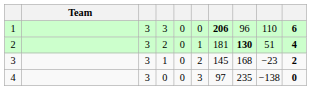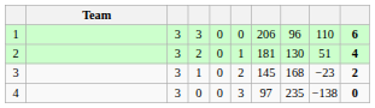 <table class=wikitable style=text-align:center>
 <tr>
 <th width=20 abbr=Position></th>
 <th width=175>Team</th>
 <th width=20 abbr=Played></th>
 <th width=20 abbr=Won></th>
 <th width=20 abbr=Drawn></th>
 <th width=20 abbr=Lost></th>
 <th width=30 abbr=Goal For></th>
 <th width=30 abbr=Goal Against></th>
 <th width=30 abbr=Goal Difference></th>
 <th width=30 abbr=Points></th>
 </tr>
 <tr bgcolor=#CCFFCC>
 <td>1 </td>
 <td align=left></td>
 <td>3</td>
 <td>3</td>
 <td>0</td>
 <td>0</td>
-<td><strong>206</strong></td>
+<td>206</td>
 <td>96</td>
 <td>110</td>
 <td><strong>6</strong></td>
 </tr>
 <tr bgcolor=#CCFFCC>
 <td>2 </td>
 <td align=left></td>
 <td>3</td>
 <td>2</td>
 <td>0</td>
 <td>1</td>
 <td>181</td>
-<td><strong>130</strong></td>
+<td>130</td>
 <td>51</td>
 <td><strong>4</strong></td>
 </tr>
 <tr>
 <td>3 </td>
 <td align=left></td>
 <td>3</td>
 <td>1</td>
 <td>0</td>
 <td>2</td>
 <td>145</td>
 <td>168</td>
 <td>−23</td>
 <td><strong>2</strong></td>
 </tr>
 <tr>
 <td>4 </td>
 <td align=left></td>
 <td>3</td>
 <td>0</td>
 <td>0</td>
 <td>3</td>
 <td>97</td>
 <td>235</td>
 <td>−138</td>
 <td><strong>0</strong></td>
 </tr>
 </table>
